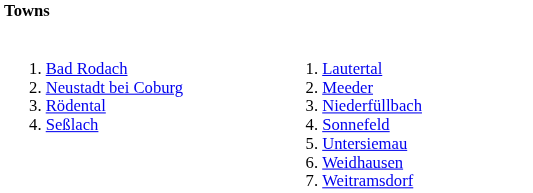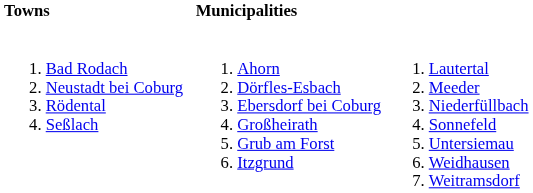 <table>
 <tr>
 <th align=left width=33%>Towns</th>
+<th align=left width=33%>Municipalities</th>
 <th align=left width=33%></th>
 </tr>
 <tr valign=top>
 <td><br><ol><li><a href='#'>Bad Rodach</a></li><li><a href='#'>Neustadt bei Coburg</a></li><li><a href='#'>Rödental</a></li><li><a href='#'>Seßlach</a></li></ol></td>
+<td><br><ol><li><a href='#'>Ahorn</a></li><li><a href='#'>Dörfles-Esbach</a></li><li><a href='#'>Ebersdorf bei Coburg</a></li><li><a href='#'>Großheirath</a></li><li><a href='#'>Grub am Forst</a></li><li><a href='#'>Itzgrund</a></li></ol></td>
 <td><br><ol> <li> <a href='#'>Lautertal</a> <li> <a href='#'>Meeder</a> <li> <a href='#'>Niederfüllbach</a> <li> <a href='#'>Sonnefeld</a> <li> <a href='#'>Untersiemau</a> <li> <a href='#'>Weidhausen</a> <li> <a href='#'>Weitramsdorf</a><br></ol></td>
 </tr>
 </table>
